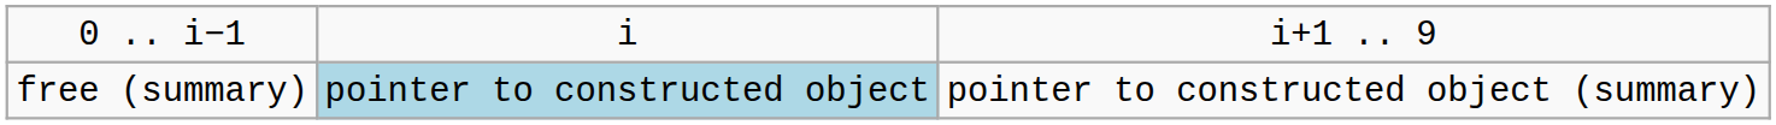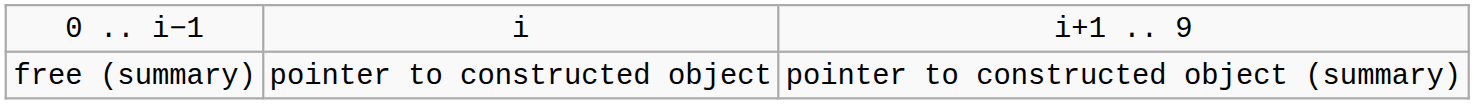 <table class="wikitable" style="margin:auto">
 <tr style="text-align: center">
 <td>0 .. i−1</td>
 <td>i</td>
 <td>i+1 .. 9</td>
 </tr>
 <tr>
 <td>free (summary)</td>
-<td style="background: lightblue;">pointer to constructed object</td>
+<td>pointer to constructed object</td>
 <td>pointer to constructed object (summary)</td>
 </tr>
 </table>
